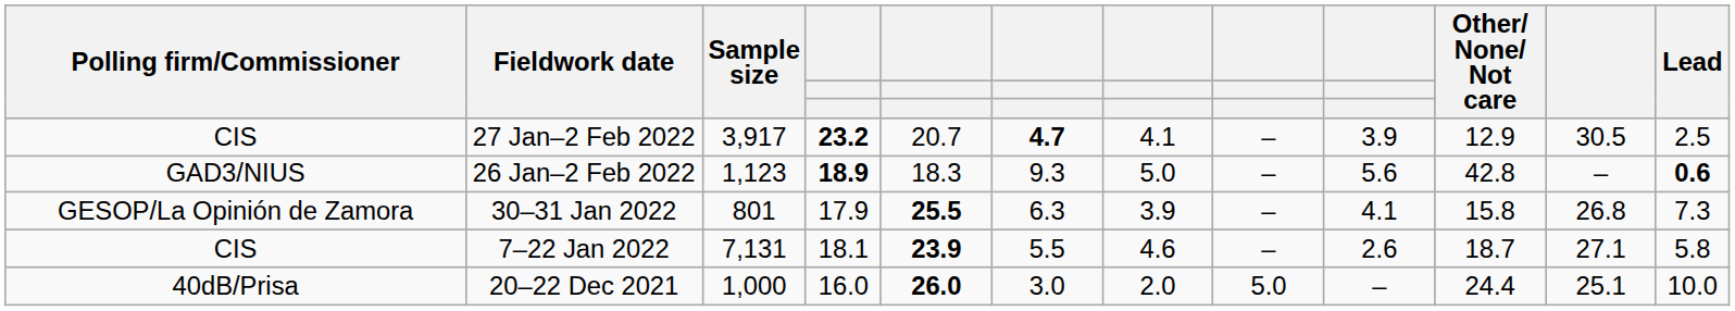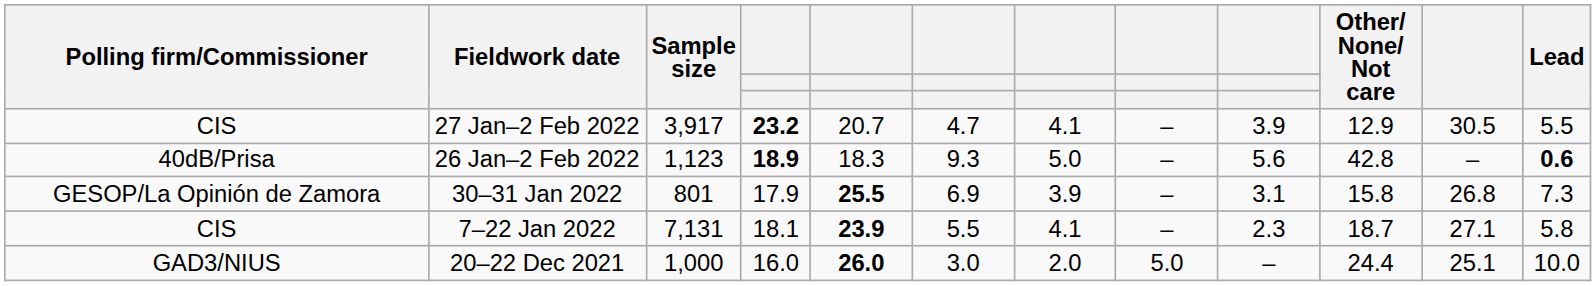 <table class="wikitable collapsible collapsed" style="text-align:center; font-size:90%; line-height:14px;">
 <tr style="height:42px;">
 <th style="width:250px;" rowspan="3">Polling firm/Commissioner</th>
 <th style="width:125px;" rowspan="3">Fieldwork date</th>
 <th style="width:50px;" rowspan="3">Sample size</th>
 <th style="width:35px;"></th>
 <th style="width:55px;"></th>
 <th style="width:55px;"></th>
 <th style="width:55px;"></th>
 <th style="width:55px;"></th>
 <th style="width:55px;"></th>
 <th style="width:55px;" rowspan="3">Other/<br>None/<br>Not<br>care</th>
 <th style="width:55px;" rowspan="3"></th>
 <th style="width:30px;" rowspan="3">Lead</th>
 </tr>
 <tr>
 <th style="color:inherit;background:"></th>
 <th style="color:inherit;background:"></th>
 <th style="color:inherit;background:"></th>
 <th style="color:inherit;background:"></th>
 <th style="color:inherit;background:"></th>
 <th style="color:inherit;background:"></th>
 </tr>
 <tr>
 <th></th>
 <th></th>
 <th></th>
 <th></th>
 <th></th>
 <th></th>
 </tr>
 <tr>
 <td>CIS</td>
 <td>27 Jan–2 Feb 2022</td>
 <td>3,917</td>
 <td><strong>23.2</strong></td>
 <td>20.7</td>
-<td><strong>4.7</strong></td>
+<td>4.7</td>
 <td>4.1</td>
 <td>–</td>
 <td>3.9</td>
 <td>12.9</td>
 <td>30.5</td>
-<td style="background:">2.5</td>
+<td style="background:">5.5</td>
 </tr>
 <tr>
-<td>GAD3/NIUS</td>
+<td>40dB/Prisa</td>
 <td>26 Jan–2 Feb 2022</td>
 <td>1,123</td>
 <td><strong>18.9</strong></td>
 <td>18.3</td>
 <td>9.3</td>
 <td>5.0</td>
 <td>–</td>
 <td>5.6</td>
 <td>42.8</td>
 <td>–</td>
 <td style="background:"><strong>0.6</strong></td>
 </tr>
 <tr>
 <td>GESOP/La Opinión de Zamora</td>
 <td>30–31 Jan 2022</td>
 <td>801</td>
 <td>17.9</td>
 <td><strong>25.5</strong></td>
-<td>6.3</td>
+<td>6.9</td>
 <td>3.9</td>
 <td>–</td>
-<td>4.1</td>
+<td>3.1</td>
 <td>15.8</td>
 <td>26.8</td>
 <td style="background:">7.3</td>
 </tr>
 <tr>
 <td>CIS</td>
 <td>7–22 Jan 2022</td>
 <td>7,131</td>
 <td>18.1</td>
 <td><strong>23.9</strong></td>
 <td>5.5</td>
-<td>4.6</td>
+<td>4.1</td>
 <td>–</td>
-<td>2.6</td>
+<td>2.3</td>
 <td>18.7</td>
 <td>27.1</td>
 <td style="background:">5.8</td>
 </tr>
 <tr>
-<td>40dB/Prisa</td>
+<td>GAD3/NIUS</td>
 <td>20–22 Dec 2021</td>
 <td>1,000</td>
 <td>16.0</td>
 <td><strong>26.0</strong></td>
 <td>3.0</td>
 <td>2.0</td>
 <td>5.0</td>
 <td>–</td>
 <td>24.4</td>
 <td>25.1</td>
 <td style="background:">10.0</td>
 </tr>
 </table>
